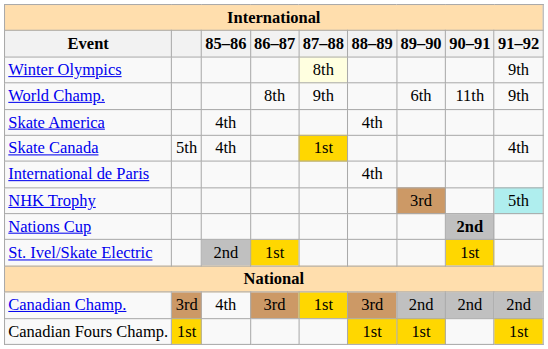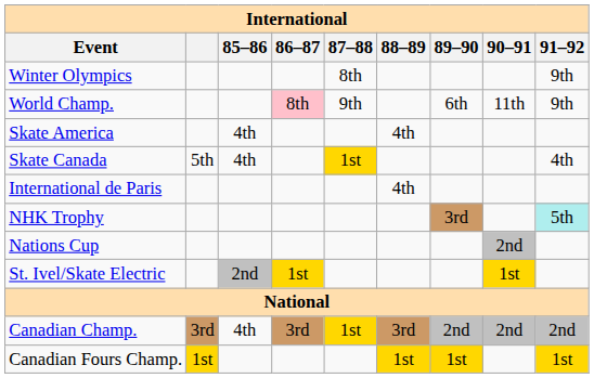 <table class="wikitable" style="text-align:center">
 <tr>
 <th style="background-color: #ffdead; " colspan=9 align=center>International</th>
 </tr>
 <tr>
 <th>Event</th>
 <th></th>
 <th>85–86</th>
 <th>86–87</th>
 <th>87–88</th>
 <th>88–89</th>
 <th>89–90</th>
 <th>90–91</th>
 <th>91–92</th>
 </tr>
 <tr>
 <td align=left><a href='#'>Winter Olympics</a></td>
 <td></td>
 <td></td>
 <td></td>
-<td style="background: lightyellow;">8th</td>
+<td>8th</td>
 <td></td>
 <td></td>
 <td></td>
 <td>9th</td>
 </tr>
 <tr>
 <td align=left><a href='#'>World Champ.</a></td>
 <td></td>
 <td></td>
-<td>8th</td>
+<td style="background: pink;">8th</td>
 <td>9th</td>
 <td></td>
 <td>6th</td>
 <td>11th</td>
 <td>9th</td>
 </tr>
 <tr>
 <td align=left><a href='#'>Skate America</a></td>
 <td></td>
 <td>4th</td>
 <td></td>
 <td></td>
 <td>4th</td>
 <td></td>
 <td></td>
 <td></td>
 </tr>
 <tr>
 <td align=left><a href='#'>Skate Canada</a></td>
 <td>5th</td>
 <td>4th</td>
 <td></td>
 <td bgcolor=gold>1st</td>
 <td></td>
 <td></td>
 <td></td>
 <td>4th</td>
 </tr>
 <tr>
 <td align=left><a href='#'>International de Paris</a></td>
 <td></td>
 <td></td>
 <td></td>
 <td></td>
 <td>4th</td>
 <td></td>
 <td></td>
 <td></td>
 </tr>
 <tr>
 <td align=left><a href='#'>NHK Trophy</a></td>
 <td></td>
 <td></td>
 <td></td>
 <td></td>
 <td></td>
 <td bgcolor=cc9966>3rd</td>
 <td></td>
 <td style="background: paleturquoise;">5th</td>
 </tr>
 <tr>
 <td align=left><a href='#'>Nations Cup</a></td>
 <td></td>
 <td></td>
 <td></td>
 <td></td>
 <td></td>
 <td></td>
-<td bgcolor=silver><strong>2nd</strong></td>
+<td bgcolor=silver>2nd</td>
 <td></td>
 </tr>
 <tr>
 <td align=left><a href='#'>St. Ivel/Skate Electric</a></td>
 <td></td>
 <td bgcolor=silver>2nd</td>
 <td bgcolor=gold>1st</td>
 <td></td>
 <td></td>
 <td></td>
 <td bgcolor=gold>1st</td>
 <td></td>
 </tr>
 <tr>
 <th style="background-color: #ffdead; " colspan=9 align=center>National</th>
 </tr>
 <tr>
 <td align=left><a href='#'>Canadian Champ.</a></td>
 <td bgcolor=cc9966>3rd</td>
 <td>4th</td>
 <td bgcolor=cc9966>3rd</td>
 <td bgcolor=gold>1st</td>
 <td bgcolor=cc9966>3rd</td>
 <td bgcolor=silver>2nd</td>
 <td bgcolor=silver>2nd</td>
 <td bgcolor=silver>2nd</td>
 </tr>
 <tr>
 <td>Canadian Fours Champ.</td>
 <td bgcolor=gold>1st</td>
 <td></td>
 <td></td>
 <td></td>
 <td bgcolor=gold>1st</td>
 <td bgcolor=gold>1st</td>
 <td></td>
 <td bgcolor=gold>1st</td>
 </tr>
 </table>
